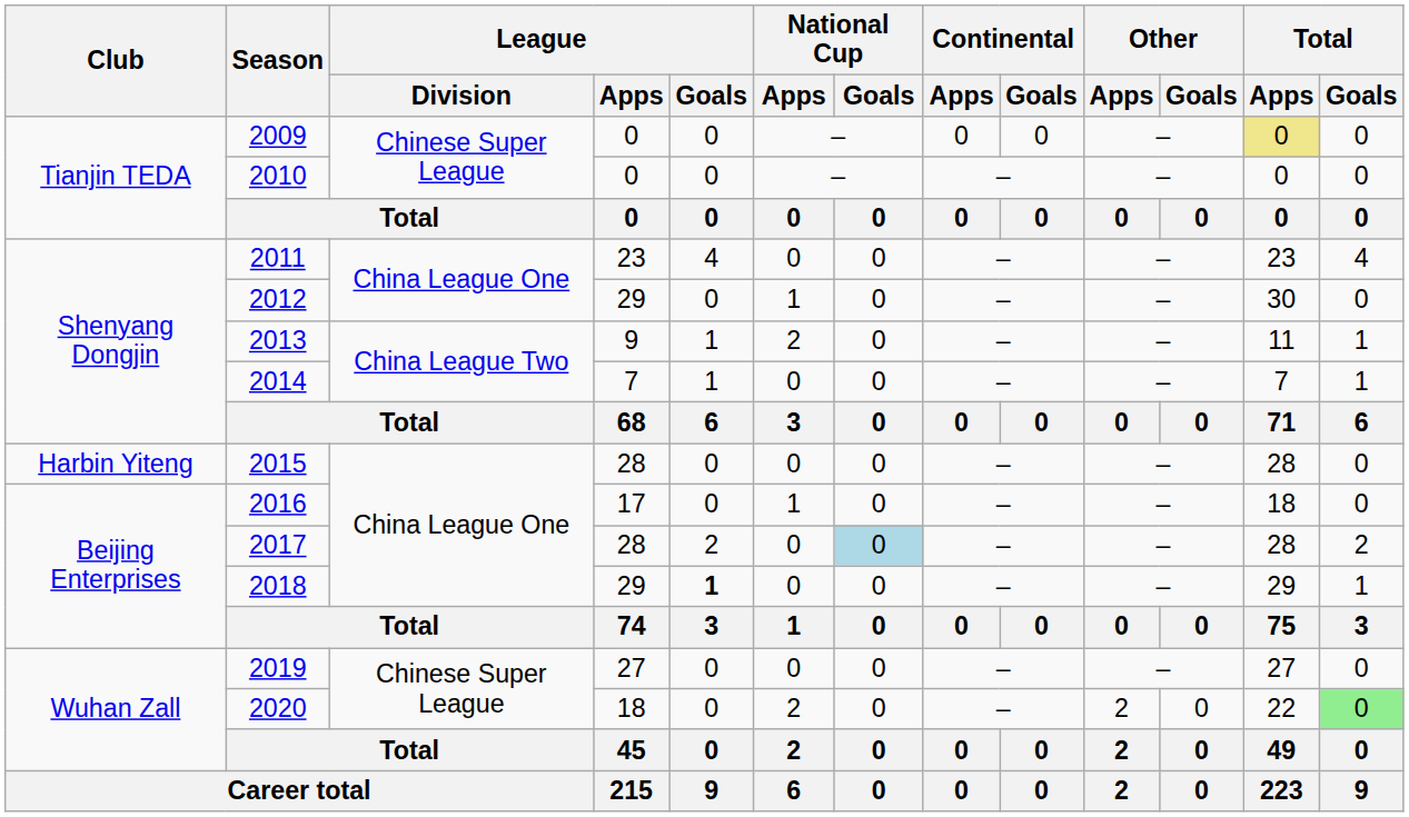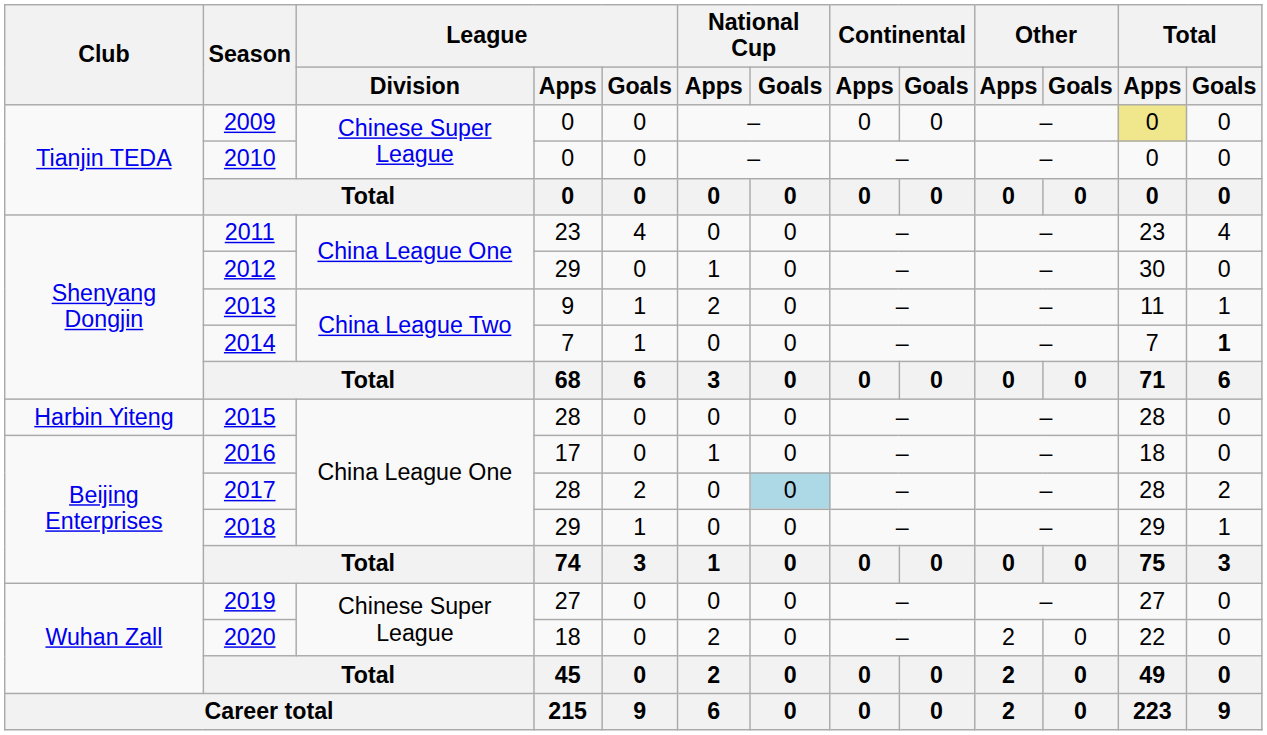 <table class="wikitable" style="text-align: center">
 <tr>
 <th rowspan="2">Club</th>
 <th rowspan="2">Season</th>
 <th colspan="3">League</th>
 <th colspan="2">National Cup</th>
 <th colspan="2">Continental</th>
 <th colspan="2">Other</th>
 <th colspan="2">Total</th>
 </tr>
 <tr>
 <th>Division</th>
 <th>Apps</th>
 <th>Goals</th>
 <th>Apps</th>
 <th>Goals</th>
 <th>Apps</th>
 <th>Goals</th>
 <th>Apps</th>
 <th>Goals</th>
 <th>Apps</th>
 <th>Goals</th>
 </tr>
 <tr>
 <td rowspan=3><a href='#'>Tianjin TEDA</a></td>
 <td><a href='#'>2009</a></td>
 <td rowspan="2"><a href='#'>Chinese Super League</a></td>
 <td>0</td>
 <td>0</td>
 <td colspan="2">–</td>
 <td>0</td>
 <td>0</td>
 <td colspan="2">–</td>
 <td style="background: khaki;">0</td>
 <td>0</td>
 </tr>
 <tr>
 <td><a href='#'>2010</a></td>
 <td>0</td>
 <td>0</td>
 <td colspan="2">–</td>
 <td colspan="2">–</td>
 <td colspan="2">–</td>
 <td>0</td>
 <td>0</td>
 </tr>
 <tr>
 <th colspan=2>Total</th>
 <th>0</th>
 <th>0</th>
 <th>0</th>
 <th>0</th>
 <th>0</th>
 <th>0</th>
 <th>0</th>
 <th>0</th>
 <th>0</th>
 <th>0</th>
 </tr>
 <tr>
 <td rowspan=5><a href='#'>Shenyang Dongjin</a></td>
 <td><a href='#'>2011</a></td>
 <td rowspan="2"><a href='#'>China League One</a></td>
 <td>23</td>
 <td>4</td>
 <td>0</td>
 <td>0</td>
 <td colspan="2">–</td>
 <td colspan="2">–</td>
 <td>23</td>
 <td>4</td>
 </tr>
 <tr>
 <td><a href='#'>2012</a></td>
 <td>29</td>
 <td>0</td>
 <td>1</td>
 <td>0</td>
 <td colspan="2">–</td>
 <td colspan="2">–</td>
 <td>30</td>
 <td>0</td>
 </tr>
 <tr>
 <td><a href='#'>2013</a></td>
 <td rowspan="2"><a href='#'>China League Two</a></td>
 <td>9</td>
 <td>1</td>
 <td>2</td>
 <td>0</td>
 <td colspan="2">–</td>
 <td colspan="2">–</td>
 <td>11</td>
 <td>1</td>
 </tr>
 <tr>
 <td><a href='#'>2014</a></td>
 <td>7</td>
 <td>1</td>
 <td>0</td>
 <td>0</td>
 <td colspan="2">–</td>
 <td colspan="2">–</td>
 <td>7</td>
-<td>1</td>
+<td><strong>1</strong></td>
 </tr>
 <tr>
 <th colspan=2>Total</th>
 <th>68</th>
 <th>6</th>
 <th>3</th>
 <th>0</th>
 <th>0</th>
 <th>0</th>
 <th>0</th>
 <th>0</th>
 <th>71</th>
 <th>6</th>
 </tr>
 <tr>
 <td><a href='#'>Harbin Yiteng</a></td>
 <td><a href='#'>2015</a></td>
 <td rowspan="4">China League One</td>
 <td>28</td>
 <td>0</td>
 <td>0</td>
 <td>0</td>
 <td colspan="2">–</td>
 <td colspan="2">–</td>
 <td>28</td>
 <td>0</td>
 </tr>
 <tr>
 <td rowspan=4><a href='#'>Beijing Enterprises</a></td>
 <td><a href='#'>2016</a></td>
 <td>17</td>
 <td>0</td>
 <td>1</td>
 <td>0</td>
 <td colspan="2">–</td>
 <td colspan="2">–</td>
 <td>18</td>
 <td>0</td>
 </tr>
 <tr>
 <td><a href='#'>2017</a></td>
 <td>28</td>
 <td>2</td>
 <td>0</td>
 <td style="background: lightblue;">0</td>
 <td colspan="2">–</td>
 <td colspan="2">–</td>
 <td>28</td>
 <td>2</td>
 </tr>
 <tr>
 <td><a href='#'>2018</a></td>
 <td>29</td>
-<td><strong>1</strong></td>
+<td>1</td>
 <td>0</td>
 <td>0</td>
 <td colspan="2">–</td>
 <td colspan="2">–</td>
 <td>29</td>
 <td>1</td>
 </tr>
 <tr>
 <th colspan=2>Total</th>
 <th>74</th>
 <th>3</th>
 <th>1</th>
 <th>0</th>
 <th>0</th>
 <th>0</th>
 <th>0</th>
 <th>0</th>
 <th>75</th>
 <th>3</th>
 </tr>
 <tr>
 <td rowspan=3><a href='#'>Wuhan Zall</a></td>
 <td><a href='#'>2019</a></td>
 <td rowspan=2>Chinese Super League</td>
 <td>27</td>
 <td>0</td>
 <td>0</td>
 <td>0</td>
 <td colspan="2">–</td>
 <td colspan="2">–</td>
 <td>27</td>
 <td>0</td>
 </tr>
 <tr>
 <td><a href='#'>2020</a></td>
 <td>18</td>
 <td>0</td>
 <td>2</td>
 <td>0</td>
 <td colspan="2">–</td>
 <td>2</td>
 <td>0</td>
 <td>22</td>
-<td style="background: lightgreen;">0</td>
+<td>0</td>
 </tr>
 <tr>
 <th colspan=2>Total</th>
 <th>45</th>
 <th>0</th>
 <th>2</th>
 <th>0</th>
 <th>0</th>
 <th>0</th>
 <th>2</th>
 <th>0</th>
 <th>49</th>
 <th>0</th>
 </tr>
 <tr>
 <th colspan=3>Career total</th>
 <th>215</th>
 <th>9</th>
 <th>6</th>
 <th>0</th>
 <th>0</th>
 <th>0</th>
 <th>2</th>
 <th>0</th>
 <th>223</th>
 <th>9</th>
 </tr>
 </table>
